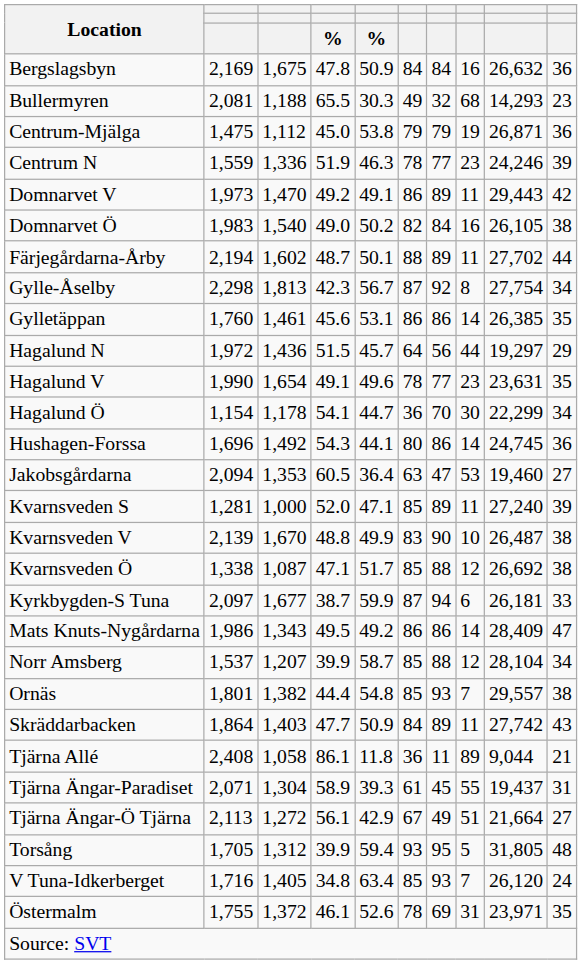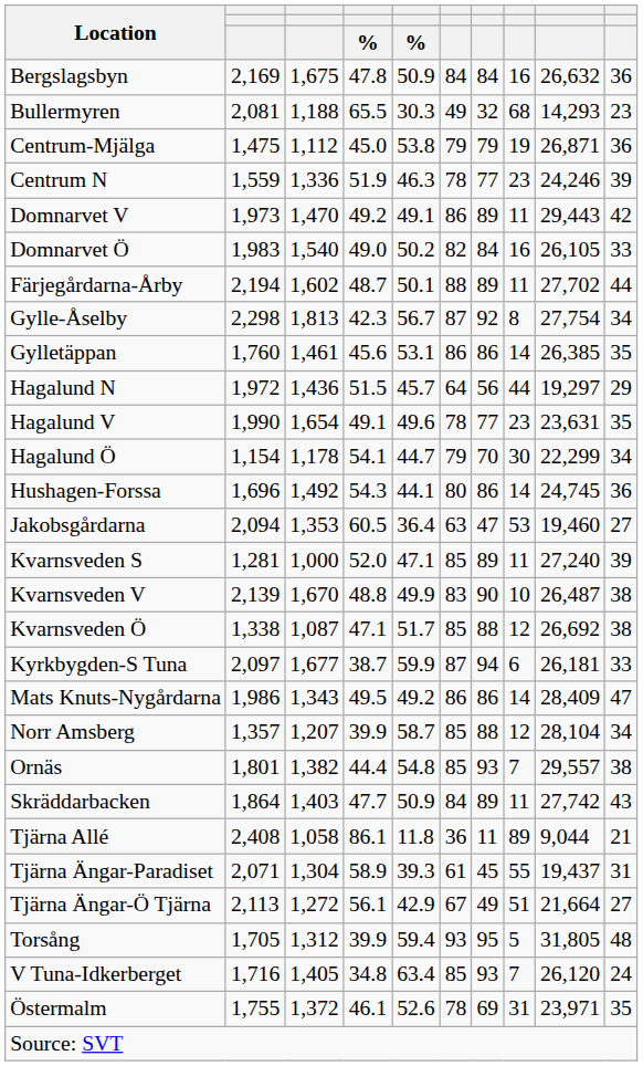 <table role="presentation" class="wikitable sortable mw-collapsible mw-collapsed">
 <tr>
 <th rowspan="3">Location</th>
 <th></th>
 <th></th>
 <th></th>
 <th></th>
 <th></th>
 <th></th>
 <th></th>
 <th></th>
 <th></th>
 </tr>
 <tr>
 <th></th>
 <th></th>
 <th style="background:"></th>
 <th style="background:"></th>
 <th></th>
 <th></th>
 <th></th>
 <th></th>
 <th></th>
 </tr>
 <tr>
 <th data-sort-type="number"></th>
 <th data-sort-type="number"></th>
 <th data-sort-type="number">%</th>
 <th data-sort-type="number">%</th>
 <th data-sort-type="number"></th>
 <th data-sort-type="number"></th>
 <th data-sort-type="number"></th>
 <th data-sort-type="number"></th>
 <th data-sort-type="number"></th>
 </tr>
 <tr>
 <td align="left">Bergslagsbyn</td>
 <td>2,169</td>
 <td>1,675</td>
 <td>47.8</td>
 <td>50.9</td>
 <td>84</td>
 <td>84</td>
 <td>16</td>
 <td>26,632</td>
 <td>36</td>
 </tr>
 <tr>
 <td align="left">Bullermyren</td>
 <td>2,081</td>
 <td>1,188</td>
 <td>65.5</td>
 <td>30.3</td>
 <td>49</td>
 <td>32</td>
 <td>68</td>
 <td>14,293</td>
 <td>23</td>
 </tr>
 <tr>
 <td align="left">Centrum-Mjälga</td>
 <td>1,475</td>
 <td>1,112</td>
 <td>45.0</td>
 <td>53.8</td>
 <td>79</td>
 <td>79</td>
 <td>19</td>
 <td>26,871</td>
 <td>36</td>
 </tr>
 <tr>
 <td align="left">Centrum N</td>
 <td>1,559</td>
 <td>1,336</td>
 <td>51.9</td>
 <td>46.3</td>
 <td>78</td>
 <td>77</td>
 <td>23</td>
 <td>24,246</td>
 <td>39</td>
 </tr>
 <tr>
 <td align="left">Domnarvet V</td>
 <td>1,973</td>
 <td>1,470</td>
 <td>49.2</td>
 <td>49.1</td>
 <td>86</td>
 <td>89</td>
 <td>11</td>
 <td>29,443</td>
 <td>42</td>
 </tr>
 <tr>
 <td align="left">Domnarvet Ö</td>
 <td>1,983</td>
 <td>1,540</td>
 <td>49.0</td>
 <td>50.2</td>
 <td>82</td>
 <td>84</td>
 <td>16</td>
 <td>26,105</td>
-<td>38</td>
+<td>33</td>
 </tr>
 <tr>
 <td align="left">Färjegårdarna-Årby</td>
 <td>2,194</td>
 <td>1,602</td>
 <td>48.7</td>
 <td>50.1</td>
 <td>88</td>
 <td>89</td>
 <td>11</td>
 <td>27,702</td>
 <td>44</td>
 </tr>
 <tr>
 <td align="left">Gylle-Åselby</td>
 <td>2,298</td>
 <td>1,813</td>
 <td>42.3</td>
 <td>56.7</td>
 <td>87</td>
 <td>92</td>
 <td>8</td>
 <td>27,754</td>
 <td>34</td>
 </tr>
 <tr>
 <td align="left">Gylletäppan</td>
 <td>1,760</td>
 <td>1,461</td>
 <td>45.6</td>
 <td>53.1</td>
 <td>86</td>
 <td>86</td>
 <td>14</td>
 <td>26,385</td>
 <td>35</td>
 </tr>
 <tr>
 <td align="left">Hagalund N</td>
 <td>1,972</td>
 <td>1,436</td>
 <td>51.5</td>
 <td>45.7</td>
 <td>64</td>
 <td>56</td>
 <td>44</td>
 <td>19,297</td>
 <td>29</td>
 </tr>
 <tr>
 <td align="left">Hagalund V</td>
 <td>1,990</td>
 <td>1,654</td>
 <td>49.1</td>
 <td>49.6</td>
 <td>78</td>
 <td>77</td>
 <td>23</td>
 <td>23,631</td>
 <td>35</td>
 </tr>
 <tr>
 <td align="left">Hagalund Ö</td>
 <td>1,154</td>
 <td>1,178</td>
 <td>54.1</td>
 <td>44.7</td>
-<td>36</td>
+<td>79</td>
 <td>70</td>
 <td>30</td>
 <td>22,299</td>
 <td>34</td>
 </tr>
 <tr>
 <td align="left">Hushagen-Forssa</td>
 <td>1,696</td>
 <td>1,492</td>
 <td>54.3</td>
 <td>44.1</td>
 <td>80</td>
 <td>86</td>
 <td>14</td>
 <td>24,745</td>
 <td>36</td>
 </tr>
 <tr>
 <td align="left">Jakobsgårdarna</td>
 <td>2,094</td>
 <td>1,353</td>
 <td>60.5</td>
 <td>36.4</td>
 <td>63</td>
 <td>47</td>
 <td>53</td>
 <td>19,460</td>
 <td>27</td>
 </tr>
 <tr>
 <td align="left">Kvarnsveden S</td>
 <td>1,281</td>
 <td>1,000</td>
 <td>52.0</td>
 <td>47.1</td>
 <td>85</td>
 <td>89</td>
 <td>11</td>
 <td>27,240</td>
 <td>39</td>
 </tr>
 <tr>
 <td align="left">Kvarnsveden V</td>
 <td>2,139</td>
 <td>1,670</td>
 <td>48.8</td>
 <td>49.9</td>
 <td>83</td>
 <td>90</td>
 <td>10</td>
 <td>26,487</td>
 <td>38</td>
 </tr>
 <tr>
 <td align="left">Kvarnsveden Ö</td>
 <td>1,338</td>
 <td>1,087</td>
 <td>47.1</td>
 <td>51.7</td>
 <td>85</td>
 <td>88</td>
 <td>12</td>
 <td>26,692</td>
 <td>38</td>
 </tr>
 <tr>
 <td align="left">Kyrkbygden-S Tuna</td>
 <td>2,097</td>
 <td>1,677</td>
 <td>38.7</td>
 <td>59.9</td>
 <td>87</td>
 <td>94</td>
 <td>6</td>
 <td>26,181</td>
 <td>33</td>
 </tr>
 <tr>
 <td align="left">Mats Knuts-Nygårdarna</td>
 <td>1,986</td>
 <td>1,343</td>
 <td>49.5</td>
 <td>49.2</td>
 <td>86</td>
 <td>86</td>
 <td>14</td>
 <td>28,409</td>
 <td>47</td>
 </tr>
 <tr>
 <td align="left">Norr Amsberg</td>
-<td>1,537</td>
+<td>1,357</td>
 <td>1,207</td>
 <td>39.9</td>
 <td>58.7</td>
 <td>85</td>
 <td>88</td>
 <td>12</td>
 <td>28,104</td>
 <td>34</td>
 </tr>
 <tr>
 <td align="left">Ornäs</td>
 <td>1,801</td>
 <td>1,382</td>
 <td>44.4</td>
 <td>54.8</td>
 <td>85</td>
 <td>93</td>
 <td>7</td>
 <td>29,557</td>
 <td>38</td>
 </tr>
 <tr>
 <td align="left">Skräddarbacken</td>
 <td>1,864</td>
 <td>1,403</td>
 <td>47.7</td>
 <td>50.9</td>
 <td>84</td>
 <td>89</td>
 <td>11</td>
 <td>27,742</td>
 <td>43</td>
 </tr>
 <tr>
 <td align="left">Tjärna Allé</td>
 <td>2,408</td>
 <td>1,058</td>
 <td>86.1</td>
 <td>11.8</td>
 <td>36</td>
 <td>11</td>
 <td>89</td>
 <td>9,044</td>
 <td>21</td>
 </tr>
 <tr>
 <td align="left">Tjärna Ängar-Paradiset</td>
 <td>2,071</td>
 <td>1,304</td>
 <td>58.9</td>
 <td>39.3</td>
 <td>61</td>
 <td>45</td>
 <td>55</td>
 <td>19,437</td>
 <td>31</td>
 </tr>
 <tr>
 <td align="left">Tjärna Ängar-Ö Tjärna</td>
 <td>2,113</td>
 <td>1,272</td>
 <td>56.1</td>
 <td>42.9</td>
 <td>67</td>
 <td>49</td>
 <td>51</td>
 <td>21,664</td>
 <td>27</td>
 </tr>
 <tr>
 <td align="left">Torsång</td>
 <td>1,705</td>
 <td>1,312</td>
 <td>39.9</td>
 <td>59.4</td>
 <td>93</td>
 <td>95</td>
 <td>5</td>
 <td>31,805</td>
 <td>48</td>
 </tr>
 <tr>
 <td align="left">V Tuna-Idkerberget</td>
 <td>1,716</td>
 <td>1,405</td>
 <td>34.8</td>
 <td>63.4</td>
 <td>85</td>
 <td>93</td>
 <td>7</td>
 <td>26,120</td>
 <td>24</td>
 </tr>
 <tr>
 <td align="left">Östermalm</td>
 <td>1,755</td>
 <td>1,372</td>
 <td>46.1</td>
 <td>52.6</td>
 <td>78</td>
 <td>69</td>
 <td>31</td>
 <td>23,971</td>
 <td>35</td>
 </tr>
 <tr>
 <td colspan="10" align="left">Source: <a href='#'>SVT</a></td>
 </tr>
 </table>
